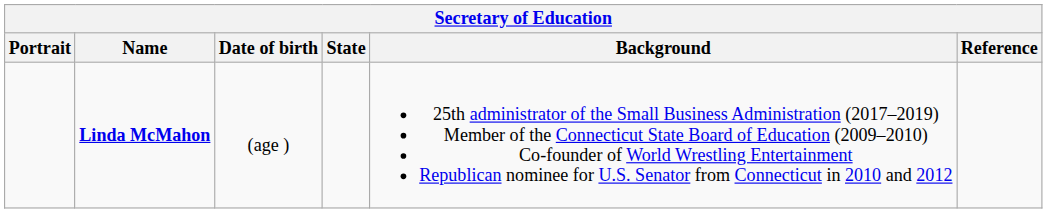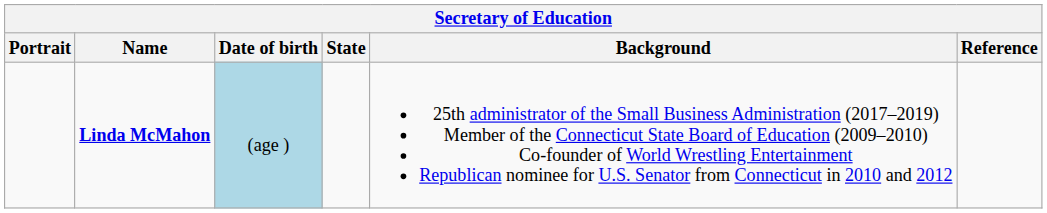 <table class="wikitable collapsible" style="text-align:center;">
 <tr>
 <th colspan="6"><a href='#'>Secretary of Education</a></th>
 </tr>
 <tr>
 <th>Portrait</th>
 <th>Name</th>
 <th>Date of birth</th>
 <th>State</th>
 <th>Background</th>
 <th>Reference</th>
 </tr>
 <tr>
 <td></td>
 <td><strong><a href='#'>Linda McMahon</a></strong></td>
-<td><br>(age )</td>
+<td style="background: lightblue;"><br>(age )</td>
 <td></td>
 <td><br><ul><li>25th <a href='#'>administrator of the Small Business Administration</a> (2017–2019)</li><li>Member of the <a href='#'>Connecticut State Board of Education</a> (2009–2010)</li><li>Co-founder of <a href='#'>World Wrestling Entertainment</a></li><li><a href='#'>Republican</a> nominee for <a href='#'>U.S. Senator</a> from <a href='#'>Connecticut</a> in <a href='#'>2010</a> and <a href='#'>2012</a></li></ul></td>
 <td></td>
 </tr>
 </table>
